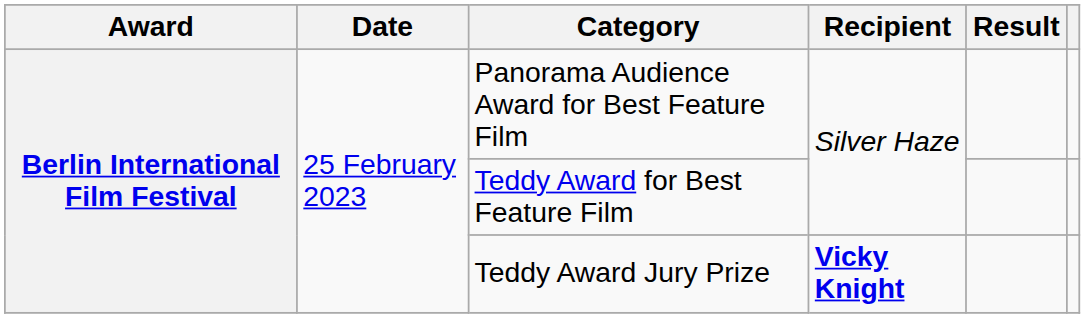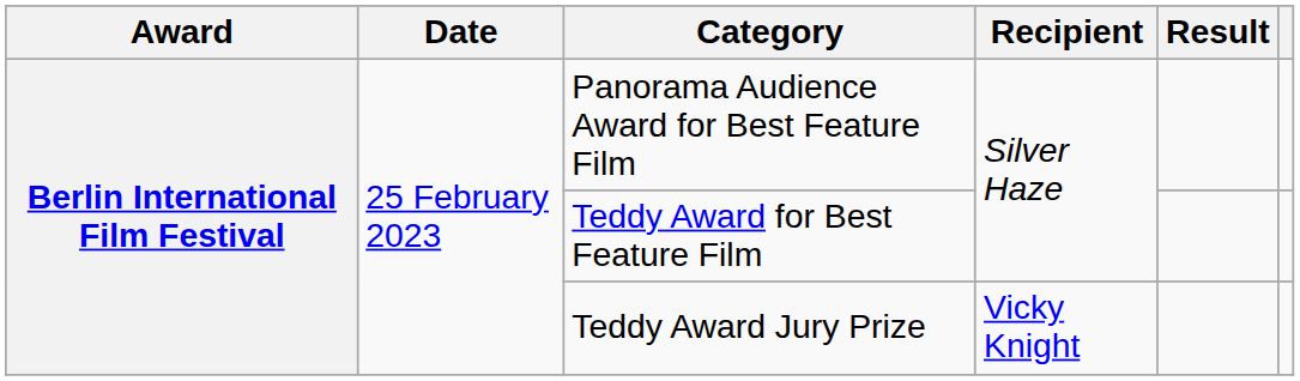 <table class="wikitable sortable plainrowheaders">
 <tr>
 <th>Award</th>
 <th>Date</th>
 <th>Category</th>
 <th>Recipient</th>
 <th>Result</th>
 <th></th>
 </tr>
 <tr>
 <th scope="row" rowspan=3><a href='#'>Berlin International Film Festival</a></th>
 <td rowspan=3><a href='#'>25 February 2023</a></td>
 <td>Panorama Audience Award for Best Feature Film</td>
 <td rowspan="2"><em>Silver Haze</em></td>
 <td></td>
 <td align="center" rowspan="1"></td>
 </tr>
 <tr>
 <td><a href='#'>Teddy Award</a> for Best Feature Film</td>
 <td></td>
 <td align="center" rowspan="1"></td>
 </tr>
 <tr>
 <td>Teddy Award Jury Prize</td>
-<td><strong><a href='#'>Vicky Knight</a></strong></td>
+<td><a href='#'>Vicky Knight</a></td>
 <td></td>
 <td align="center"></td>
 </tr>
 </table>
